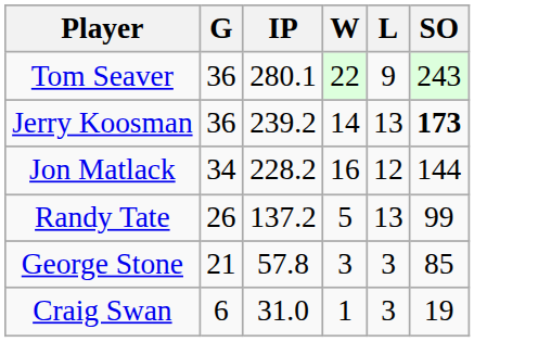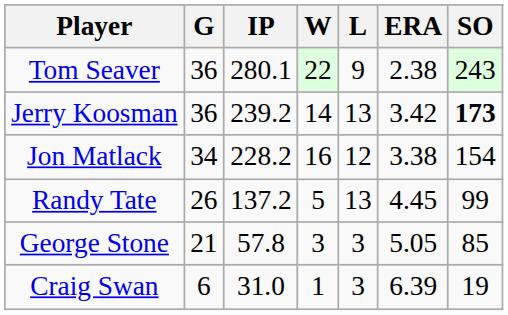 <table class="wikitable sortable">
 <tr>
 <th>Player</th>
 <th>G</th>
 <th>IP</th>
 <th>W</th>
 <th>L</th>
+<th>ERA</th>
 <th>SO</th>
 </tr>
 <tr align="center">
 <td><a href='#'>Tom Seaver</a></td>
 <td>36</td>
 <td>280.1</td>
 <td style="background:#DDFFDD;">22</td>
 <td>9</td>
+<td>2.38</td>
 <td style="background:#DDFFDD;">243</td>
 </tr>
 <tr align="center">
 <td><a href='#'>Jerry Koosman</a></td>
 <td>36</td>
 <td>239.2</td>
 <td>14</td>
 <td>13</td>
+<td>3.42</td>
 <td><strong>173</strong></td>
 </tr>
 <tr align="center">
 <td><a href='#'>Jon Matlack</a></td>
 <td>34</td>
 <td>228.2</td>
 <td>16</td>
 <td>12</td>
-<td>144</td>
+<td>3.38</td>
+<td>154</td>
 </tr>
 <tr align="center">
 <td><a href='#'>Randy Tate</a></td>
 <td>26</td>
 <td>137.2</td>
 <td>5</td>
 <td>13</td>
+<td>4.45</td>
 <td>99</td>
 </tr>
 <tr align="center">
 <td><a href='#'>George Stone</a></td>
 <td>21</td>
 <td>57.8</td>
 <td>3</td>
 <td>3</td>
+<td>5.05</td>
 <td>85</td>
 </tr>
 <tr align="center">
 <td><a href='#'>Craig Swan</a></td>
 <td>6</td>
 <td>31.0</td>
 <td>1</td>
 <td>3</td>
+<td>6.39</td>
 <td>19</td>
 </tr>
 </table>
